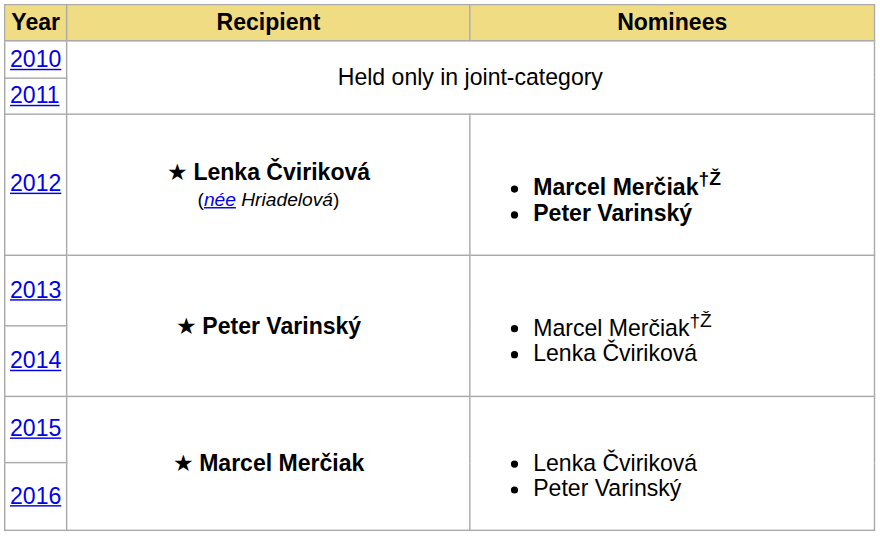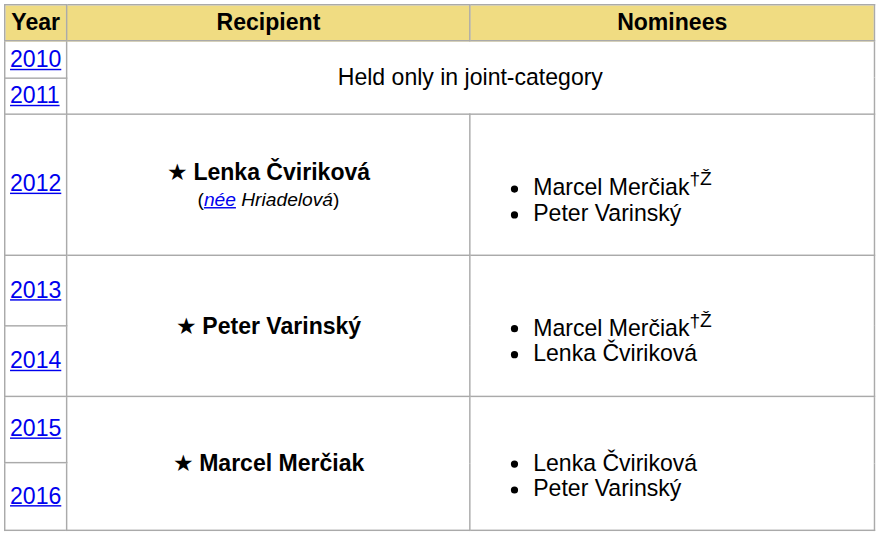 <table class=wikitable sortable style="background:white">
 <tr>
 <th style=background:#F0DC82>Year</th>
 <th style=background:#F0DC82 width=273>Recipient</th>
 <th style=background:#F0DC82 width=273>Nominees</th>
 </tr>
 <tr>
 <td><a href='#'>2010</a></td>
 <td align=center rowspan=2 colspan=2>Held only in joint-category</td>
 </tr>
 <tr>
 <td><a href='#'>2011</a></td>
 </tr>
 <tr>
 <td><a href='#'>2012</a></td>
 <td align=center>★ <strong>Lenka Čviriková</strong> <br><small>(<em><a href='#'>née</a> Hriadelová</em>)</small></td>
-<td><strong><br><ul><li>Marcel Merčiak<sup>†Ž</sup></li><li>Peter Varinský</li></ul></strong></td>
+<td><br><ul><li>Marcel Merčiak<sup>†Ž</sup></li><li>Peter Varinský</li></ul></td>
 </tr>
 <tr>
 <td><a href='#'>2013</a></td>
 <td rowspan=2 align=center>★ <strong>Peter Varinský</strong> <br></td>
 <td rowspan=2><br><ul><li>Marcel Merčiak<sup>†Ž</sup></li><li>Lenka Čviriková</li></ul></td>
 </tr>
 <tr>
 <td><a href='#'>2014</a></td>
 </tr>
 <tr>
 <td><a href='#'>2015</a></td>
 <td rowspan=2 align=center>★ <strong>Marcel Merčiak</strong> <br></td>
 <td rowspan=2><br><ul><li>Lenka Čviriková</li><li>Peter Varinský</li></ul></td>
 </tr>
 <tr>
 <td><a href='#'>2016</a></td>
 </tr>
 </table>
